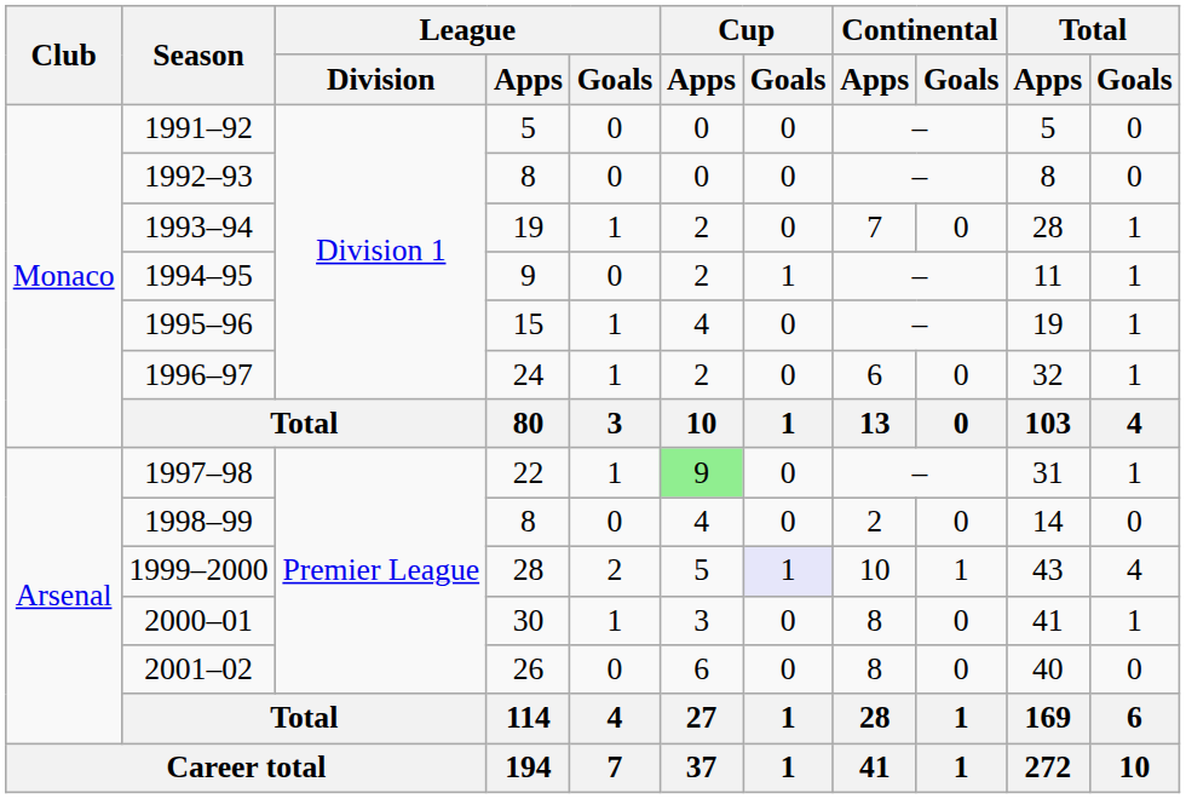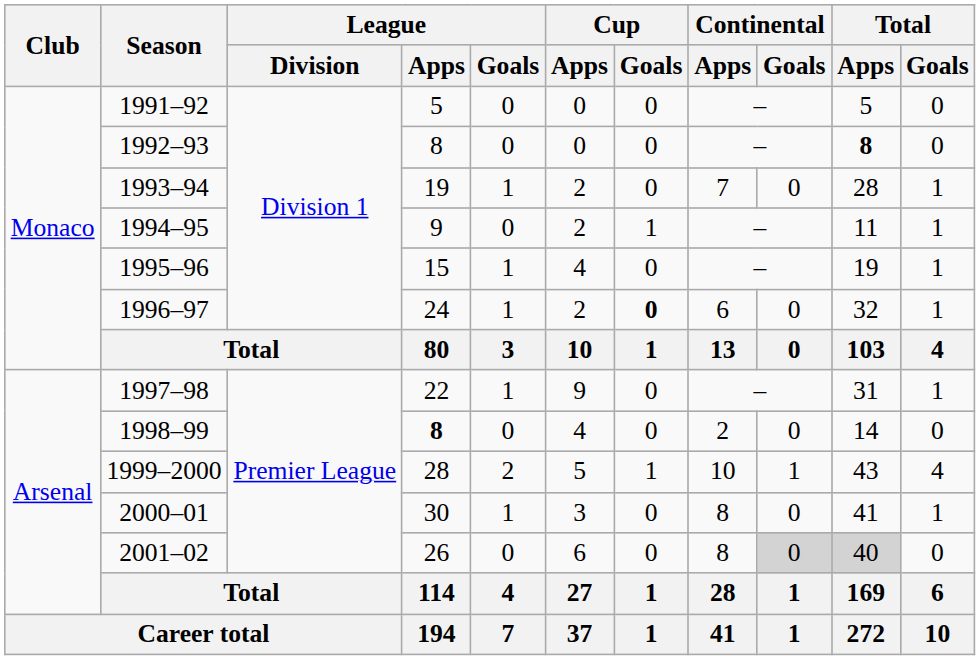 <table class="wikitable" style="text-align:center">
 <tr>
 <th rowspan="2">Club</th>
 <th rowspan="2">Season</th>
 <th colspan="3">League</th>
 <th colspan="2">Cup</th>
 <th colspan="2">Continental</th>
 <th colspan="2">Total</th>
 </tr>
 <tr>
 <th>Division</th>
 <th>Apps</th>
 <th>Goals</th>
 <th>Apps</th>
 <th>Goals</th>
 <th>Apps</th>
 <th>Goals</th>
 <th>Apps</th>
 <th>Goals</th>
 </tr>
 <tr>
 <td rowspan="7"><a href='#'>Monaco</a></td>
 <td>1991–92</td>
 <td rowspan="6"><a href='#'>Division 1</a></td>
 <td>5</td>
 <td>0</td>
 <td>0</td>
 <td>0</td>
 <td colspan="2">–</td>
 <td>5</td>
 <td>0</td>
 </tr>
 <tr>
 <td>1992–93</td>
 <td>8</td>
 <td>0</td>
 <td>0</td>
 <td>0</td>
 <td colspan="2">–</td>
-<td>8</td>
+<td><strong>8</strong></td>
 <td>0</td>
 </tr>
 <tr>
 <td>1993–94</td>
 <td>19</td>
 <td>1</td>
 <td>2</td>
 <td>0</td>
 <td>7</td>
 <td>0</td>
 <td>28</td>
 <td>1</td>
 </tr>
 <tr>
 <td>1994–95</td>
 <td>9</td>
 <td>0</td>
 <td>2</td>
 <td>1</td>
 <td colspan="2">–</td>
 <td>11</td>
 <td>1</td>
 </tr>
 <tr>
 <td>1995–96</td>
 <td>15</td>
 <td>1</td>
 <td>4</td>
 <td>0</td>
 <td colspan="2">–</td>
 <td>19</td>
 <td>1</td>
 </tr>
 <tr>
 <td>1996–97</td>
 <td>24</td>
 <td>1</td>
 <td>2</td>
-<td>0</td>
+<td><strong>0</strong></td>
 <td>6</td>
 <td>0</td>
 <td>32</td>
 <td>1</td>
 </tr>
 <tr>
 <th colspan="2">Total</th>
 <th>80</th>
 <th>3</th>
 <th>10</th>
 <th>1</th>
 <th>13</th>
 <th>0</th>
 <th>103</th>
 <th>4</th>
 </tr>
 <tr>
 <td rowspan="6"><a href='#'>Arsenal</a></td>
 <td>1997–98</td>
 <td rowspan="5"><a href='#'>Premier League</a></td>
 <td>22</td>
 <td>1</td>
-<td style="background: lightgreen;">9</td>
+<td>9</td>
 <td>0</td>
 <td colspan="2">–</td>
 <td>31</td>
 <td>1</td>
 </tr>
 <tr>
 <td>1998–99</td>
-<td>8</td>
+<td><strong>8</strong></td>
 <td>0</td>
 <td>4</td>
 <td>0</td>
 <td>2</td>
 <td>0</td>
 <td>14</td>
 <td>0</td>
 </tr>
 <tr>
 <td>1999–2000</td>
 <td>28</td>
 <td>2</td>
 <td>5</td>
-<td style="background: lavender;">1</td>
+<td>1</td>
 <td>10</td>
 <td>1</td>
 <td>43</td>
 <td>4</td>
 </tr>
 <tr>
 <td>2000–01</td>
 <td>30</td>
 <td>1</td>
 <td>3</td>
 <td>0</td>
 <td>8</td>
 <td>0</td>
 <td>41</td>
 <td>1</td>
 </tr>
 <tr>
 <td>2001–02</td>
 <td>26</td>
 <td>0</td>
 <td>6</td>
 <td>0</td>
 <td>8</td>
-<td>0</td>
-<td>40</td>
+<td style="background: lightgrey;">0</td>
+<td style="background: lightgrey;">40</td>
 <td>0</td>
 </tr>
 <tr>
 <th colspan="2">Total</th>
 <th>114</th>
 <th>4</th>
 <th>27</th>
 <th>1</th>
 <th>28</th>
 <th>1</th>
 <th>169</th>
 <th>6</th>
 </tr>
 <tr>
 <th colspan="3">Career total</th>
 <th>194</th>
 <th>7</th>
 <th>37</th>
 <th>1</th>
 <th>41</th>
 <th>1</th>
 <th>272</th>
 <th>10</th>
 </tr>
 </table>
